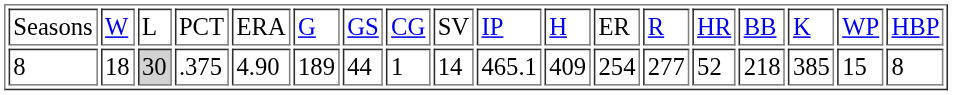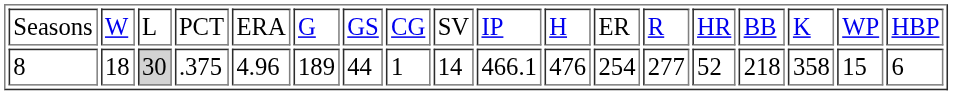 <table border="1" cellpadding="2">
 <tr>
 <td>Seasons</td>
 <td><a href='#'>W</a></td>
 <td>L</td>
 <td>PCT</td>
 <td>ERA</td>
 <td><a href='#'>G</a></td>
 <td><a href='#'>GS</a></td>
 <td><a href='#'>CG</a></td>
 <td>SV</td>
 <td><a href='#'>IP</a></td>
 <td><a href='#'>H</a></td>
 <td>ER</td>
 <td><a href='#'>R</a></td>
 <td><a href='#'>HR</a></td>
 <td><a href='#'>BB</a></td>
 <td><a href='#'>K</a></td>
 <td><a href='#'>WP</a></td>
 <td><a href='#'>HBP</a></td>
 </tr>
 <tr>
 <td>8</td>
 <td>18</td>
 <td style="background: lightgrey;">30</td>
 <td>.375</td>
-<td>4.90</td>
+<td>4.96</td>
 <td>189</td>
 <td>44</td>
 <td>1</td>
 <td>14</td>
-<td>465.1</td>
-<td>409</td>
+<td>466.1</td>
+<td>476</td>
 <td>254</td>
 <td>277</td>
 <td>52</td>
 <td>218</td>
-<td>385</td>
+<td>358</td>
 <td>15</td>
-<td>8</td>
+<td>6</td>
 </tr>
 </table>
